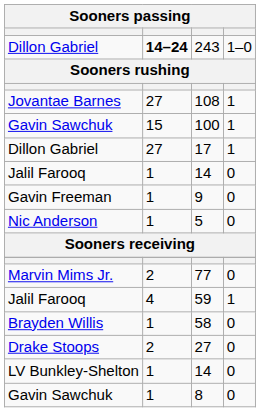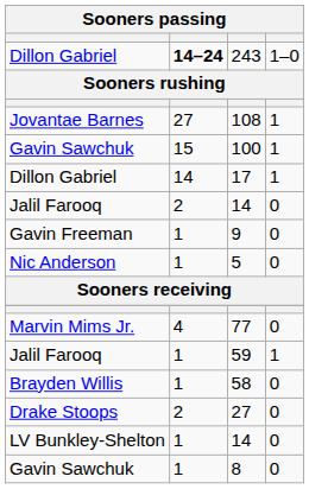 <table class="wikitable plainrowheaders">
 <tr>
 <th colspan="6">Sooners passing</th>
 </tr>
 <tr>
 <th scope="col"></th>
 <th scope="col"></th>
 <th scope="col"></th>
 <th scope="col"></th>
 </tr>
 <tr>
 <td><a href='#'>Dillon Gabriel</a></td>
 <td><strong>14–24</strong></td>
 <td>243</td>
 <td>1–0</td>
 </tr>
 <tr>
 <th colspan="6">Sooners rushing</th>
 </tr>
 <tr>
 <th scope="col"></th>
 <th scope="col"></th>
 <th scope="col"></th>
 <th scope="col"></th>
 </tr>
 <tr>
 <td><a href='#'>Jovantae Barnes</a></td>
 <td>27</td>
 <td>108</td>
 <td>1</td>
 </tr>
 <tr>
 <td><a href='#'>Gavin Sawchuk</a></td>
 <td>15</td>
 <td>100</td>
 <td>1</td>
 </tr>
 <tr>
 <td>Dillon Gabriel</td>
-<td>27</td>
+<td>14</td>
 <td>17</td>
 <td>1</td>
 </tr>
 <tr>
 <td>Jalil Farooq</td>
-<td>1</td>
+<td>2</td>
 <td>14</td>
 <td>0</td>
 </tr>
 <tr>
 <td>Gavin Freeman</td>
 <td>1</td>
 <td>9</td>
 <td>0</td>
 </tr>
 <tr>
 <td><a href='#'>Nic Anderson</a></td>
 <td>1</td>
 <td>5</td>
 <td>0</td>
 </tr>
 <tr>
 <th colspan="6">Sooners receiving</th>
 </tr>
 <tr>
 </tr>
 <tr>
 <th scope="col"></th>
 <th scope="col"></th>
 <th scope="col"></th>
 <th scope="col"></th>
 </tr>
 <tr>
 <td><a href='#'>Marvin Mims Jr.</a></td>
-<td>2</td>
+<td>4</td>
 <td>77</td>
 <td>0</td>
 </tr>
 <tr>
 <td>Jalil Farooq</td>
-<td>4</td>
+<td>1</td>
 <td>59</td>
 <td>1</td>
 </tr>
 <tr>
 <td><a href='#'>Brayden Willis</a></td>
 <td>1</td>
 <td>58</td>
 <td>0</td>
 </tr>
 <tr>
 <td><a href='#'>Drake Stoops</a></td>
 <td>2</td>
 <td>27</td>
 <td>0</td>
 </tr>
 <tr>
 <td>LV Bunkley-Shelton</td>
 <td>1</td>
 <td>14</td>
 <td>0</td>
 </tr>
 <tr>
 <td>Gavin Sawchuk</td>
 <td>1</td>
 <td>8</td>
 <td>0</td>
 </tr>
 </table>
